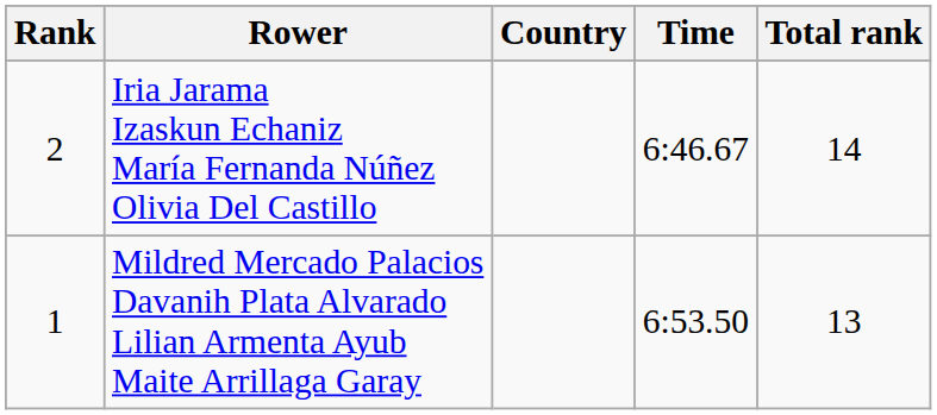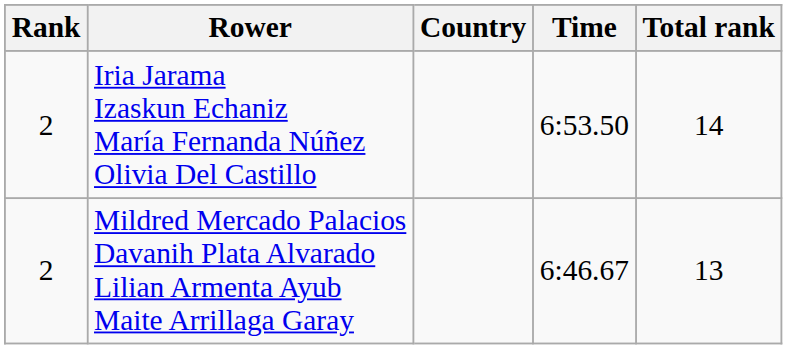 <table class="wikitable" style="text-align:center">
 <tr>
 <th>Rank</th>
 <th>Rower</th>
 <th>Country</th>
 <th>Time</th>
 <th>Total rank</th>
 </tr>
 <tr>
 <td>2</td>
 <td align="left"><a href='#'>Iria Jarama</a><br><a href='#'>Izaskun Echaniz</a><br><a href='#'>María Fernanda Núñez</a><br><a href='#'>Olivia Del Castillo</a></td>
 <td align="left"></td>
-<td>6:46.67</td>
+<td>6:53.50</td>
 <td>14</td>
 </tr>
 <tr>
-<td>1</td>
+<td>2</td>
 <td align="left"><a href='#'>Mildred Mercado Palacios</a><br><a href='#'>Davanih Plata Alvarado</a><br><a href='#'>Lilian Armenta Ayub</a><br><a href='#'>Maite Arrillaga Garay</a></td>
 <td align="left"></td>
-<td>6:53.50</td>
+<td>6:46.67</td>
 <td>13</td>
 </tr>
 </table>
